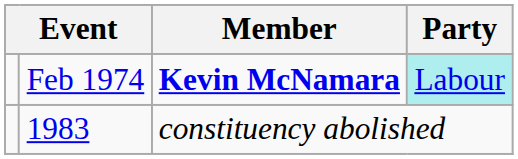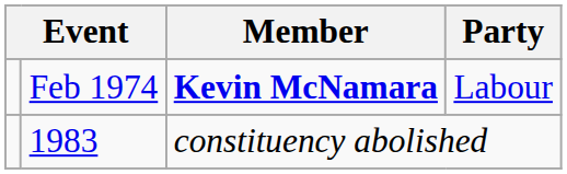 <table class="wikitable">
 <tr>
 <th colspan="2">Event</th>
 <th>Member</th>
 <th>Party</th>
 </tr>
 <tr>
 <td style="color:inherit;background-color: "></td>
 <td><a href='#'>Feb 1974</a></td>
 <td><strong><a href='#'>Kevin McNamara</a></strong></td>
-<td style="background: paleturquoise;"><a href='#'>Labour</a></td>
+<td><a href='#'>Labour</a></td>
 </tr>
 <tr>
 <td></td>
 <td><a href='#'>1983</a></td>
 <td colspan="2"><em>constituency abolished</em></td>
 </tr>
 </table>
